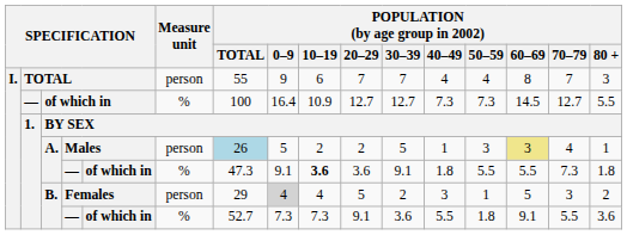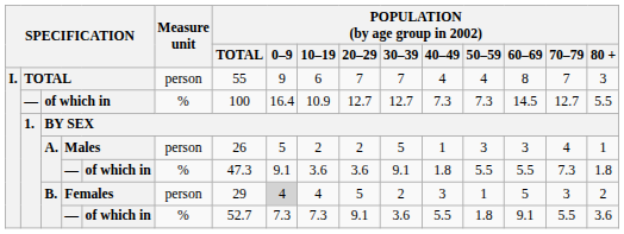 <table class="wikitable" style="font-size:85%; text-align:center">
 <tr>
 <th rowspan="2" colspan="5">SPECIFICATION</th>
 <th rowspan="2">Measure<br> unit</th>
 <th colspan="10" rowspan="1">POPULATION<br> (by age group in 2002)</th>
 </tr>
 <tr>
 <th>TOTAL</th>
 <th>0–9</th>
 <th>10–19</th>
 <th>20–29</th>
 <th>30–39</th>
 <th>40–49</th>
 <th>50–59</th>
 <th>60–69</th>
 <th>70–79</th>
 <th>80 +</th>
 </tr>
 <tr>
 <th style="text-align:left" valign="top" rowspan="7">I.</th>
 <th style="text-align:left" colspan="4">TOTAL</th>
 <td>person</td>
 <td>55</td>
 <td>9</td>
 <td>6</td>
 <td>7</td>
 <td>7</td>
 <td>4</td>
 <td>4</td>
 <td>8</td>
 <td>7</td>
 <td>3</td>
 </tr>
 <tr>
 <th style="text-align:left" valign="top">—</th>
 <th style="text-align:left" colspan="3">of which in</th>
 <td>%</td>
 <td>100</td>
 <td>16.4</td>
 <td>10.9</td>
 <td>12.7</td>
 <td>12.7</td>
 <td>7.3</td>
 <td>7.3</td>
 <td>14.5</td>
 <td>12.7</td>
 <td>5.5</td>
 </tr>
 <tr>
 <th style="text-align:left" valign="top" rowspan="5">1.</th>
 <th style="text-align:left" colspan="14">BY SEX</th>
 </tr>
 <tr>
 <th style="text-align:left" valign="top" rowspan="2">A.</th>
 <th style="text-align:left" colspan="2">Males</th>
 <td>person</td>
-<td style="background: lightblue;">26</td>
+<td>26</td>
 <td>5</td>
 <td>2</td>
 <td>2</td>
 <td>5</td>
 <td>1</td>
 <td>3</td>
-<td style="background: khaki;">3</td>
+<td>3</td>
 <td>4</td>
 <td>1</td>
 </tr>
 <tr>
 <th style="text-align:left" valign="top">—</th>
 <th style="text-align:left" colspan="1">of which in</th>
 <td>%</td>
 <td>47.3</td>
 <td>9.1</td>
-<td><strong>3.6</strong></td>
+<td>3.6</td>
 <td>3.6</td>
 <td>9.1</td>
 <td>1.8</td>
 <td>5.5</td>
 <td>5.5</td>
 <td>7.3</td>
 <td>1.8</td>
 </tr>
 <tr>
 <th style="text-align:left" valign="top" rowspan="2">B.</th>
 <th style="text-align:left" colspan="2">Females</th>
 <td>person</td>
 <td>29</td>
 <td style="background: lightgrey;">4</td>
 <td>4</td>
 <td>5</td>
 <td>2</td>
 <td>3</td>
 <td>1</td>
 <td>5</td>
 <td>3</td>
 <td>2</td>
 </tr>
 <tr>
 <th style="text-align:left" valign="top">—</th>
 <th style="text-align:left" colspan="1">of which in</th>
 <td>%</td>
 <td>52.7</td>
 <td>7.3</td>
 <td>7.3</td>
 <td>9.1</td>
 <td>3.6</td>
 <td>5.5</td>
 <td>1.8</td>
 <td>9.1</td>
 <td>5.5</td>
 <td>3.6</td>
 </tr>
 </table>
